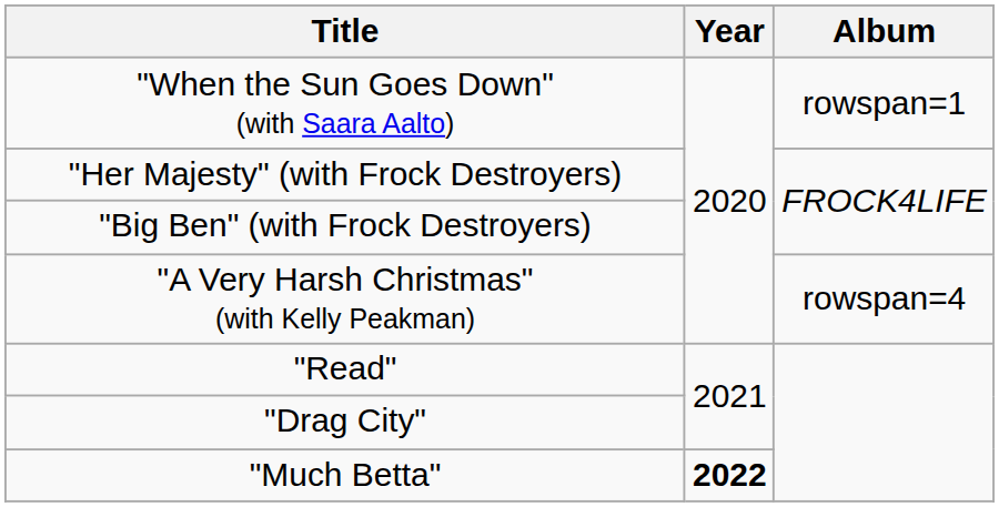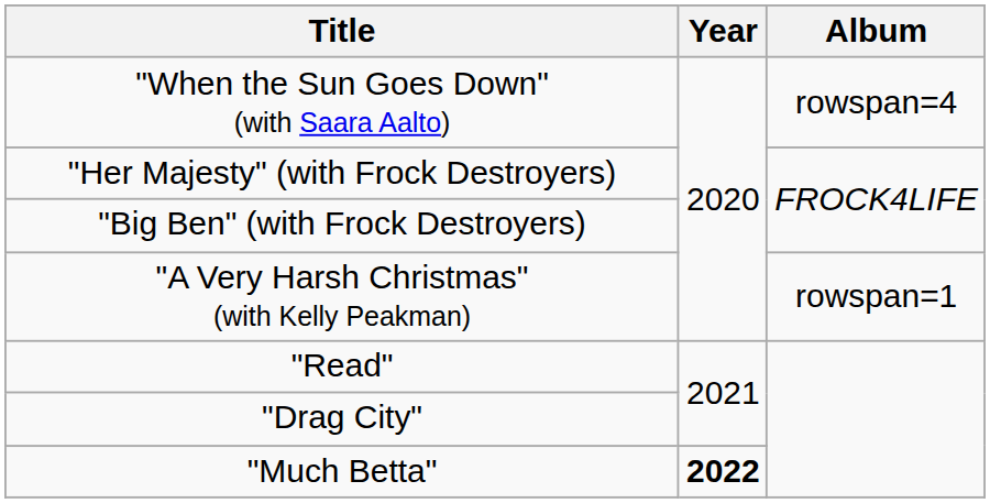 <table class="wikitable plainrowheaders" style="text-align:center;">
 <tr>
 <th style="width:20em;">Title</th>
 <th>Year</th>
 <th>Album</th>
 </tr>
 <tr>
 <td>"When the Sun Goes Down"<br><small>(with <a href='#'>Saara Aalto</a>)</small></td>
 <td rowspan="4">2020</td>
-<td>rowspan=1 </td>
+<td>rowspan=4 </td>
 </tr>
 <tr>
 <td>"Her Majesty" (with Frock Destroyers)</td>
 <td rowspan =2><em>FROCK4LIFE</em></td>
 </tr>
 <tr>
 <td>"Big Ben" (with Frock Destroyers)</td>
 </tr>
 <tr>
 <td>"A Very Harsh Christmas"<br><small>(with Kelly Peakman)</small></td>
-<td>rowspan=4 </td>
+<td>rowspan=1 </td>
 </tr>
 <tr>
 <td>"Read"</td>
 <td rowspan =2>2021</td>
 </tr>
 <tr>
 <td>"Drag City"</td>
 </tr>
 <tr>
 <td>"Much Betta"</td>
 <td><strong>2022</strong></td>
 </tr>
 </table>
